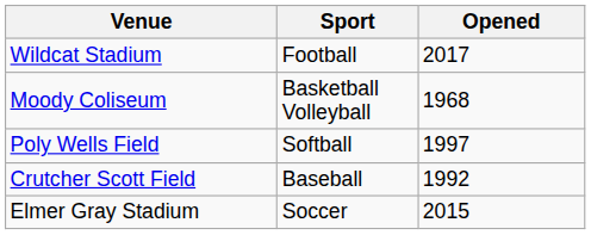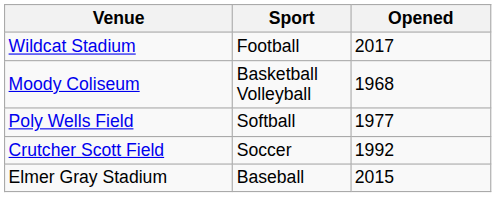 <table class="wikitable sortable"; style= "text-align: ">
 <tr>
 <th width=200px>Venue</th>
 <th width=100px>Sport</th>
 <th width=120px>Opened</th>
 </tr>
 <tr>
 <td><a href='#'>Wildcat Stadium</a></td>
 <td>Football</td>
 <td>2017</td>
 </tr>
 <tr>
 <td><a href='#'>Moody Coliseum</a></td>
 <td>Basketball<br> Volleyball</td>
 <td>1968</td>
 </tr>
 <tr>
 <td><a href='#'>Poly Wells Field</a></td>
 <td>Softball</td>
-<td>1997</td>
+<td>1977</td>
 </tr>
 <tr>
 <td><a href='#'>Crutcher Scott Field</a></td>
-<td>Baseball</td>
+<td>Soccer</td>
 <td>1992</td>
 </tr>
 <tr>
 <td>Elmer Gray Stadium</td>
-<td>Soccer</td>
+<td>Baseball</td>
 <td>2015</td>
 </tr>
 </table>
